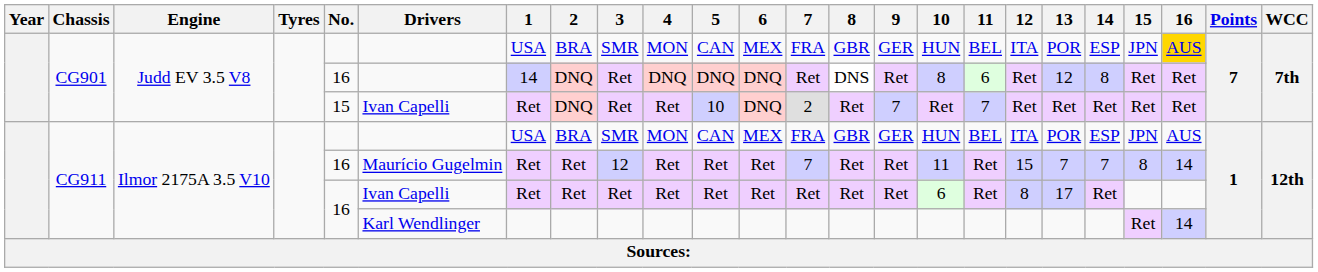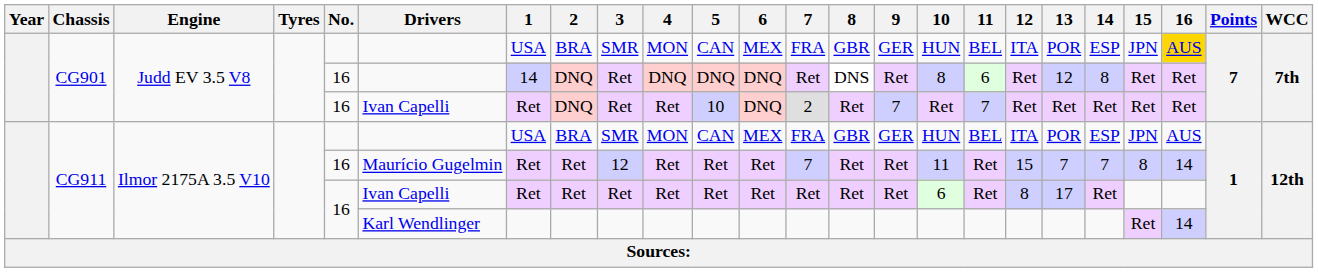 <table class="wikitable" style="text-align:center; font-size:85%">
 <tr>
 <th>Year</th>
 <th>Chassis</th>
 <th>Engine</th>
 <th>Tyres</th>
 <th>No.</th>
 <th>Drivers</th>
 <th>1</th>
 <th>2</th>
 <th>3</th>
 <th>4</th>
 <th>5</th>
 <th>6</th>
 <th>7</th>
 <th>8</th>
 <th>9</th>
 <th>10</th>
 <th>11</th>
 <th>12</th>
 <th>13</th>
 <th>14</th>
 <th>15</th>
 <th>16</th>
 <th><a href='#'>Points</a></th>
 <th>WCC</th>
 </tr>
 <tr>
 <th rowspan="3"></th>
 <td rowspan="3"><a href='#'>CG901</a></td>
 <td rowspan="3"><a href='#'>Judd</a> EV 3.5 <a href='#'>V8</a></td>
 <td rowspan="3"></td>
 <td></td>
 <td></td>
 <td><a href='#'>USA</a></td>
 <td><a href='#'>BRA</a></td>
 <td><a href='#'>SMR</a></td>
 <td><a href='#'>MON</a></td>
 <td><a href='#'>CAN</a></td>
 <td><a href='#'>MEX</a></td>
 <td><a href='#'>FRA</a></td>
 <td><a href='#'>GBR</a></td>
 <td><a href='#'>GER</a></td>
 <td><a href='#'>HUN</a></td>
 <td><a href='#'>BEL</a></td>
 <td><a href='#'>ITA</a></td>
 <td><a href='#'>POR</a></td>
 <td><a href='#'>ESP</a></td>
 <td><a href='#'>JPN</a></td>
 <td style="background: gold;"><a href='#'>AUS</a></td>
 <th rowspan="3">7</th>
 <th rowspan="3">7th</th>
 </tr>
 <tr>
 <td>16</td>
 <td align="left"></td>
 <td style="background:#CFCFFF;">14</td>
 <td style="background:#FFCFCF;">DNQ</td>
 <td style="background:#EFCFFF;">Ret</td>
 <td style="background:#FFCFCF;">DNQ</td>
 <td style="background:#FFCFCF;">DNQ</td>
 <td style="background:#FFCFCF;">DNQ</td>
 <td style="background:#EFCFFF;">Ret</td>
 <td style="background:#ffffff;">DNS</td>
 <td style="background:#EFCFFF;">Ret</td>
 <td style="background:#CFCFFF;">8</td>
 <td style="background:#DFFFDF;">6</td>
 <td style="background:#EFCFFF;">Ret</td>
 <td style="background:#CFCFFF;">12</td>
 <td style="background:#CFCFFF;">8</td>
 <td style="background:#EFCFFF;">Ret</td>
 <td style="background:#EFCFFF;">Ret</td>
 </tr>
 <tr>
-<td>15</td>
+<td>16</td>
 <td align="left"> <a href='#'>Ivan Capelli</a></td>
 <td style="background:#EFCFFF;">Ret</td>
 <td style="background:#FFCFCF;">DNQ</td>
 <td style="background:#EFCFFF;">Ret</td>
 <td style="background:#EFCFFF;">Ret</td>
 <td style="background:#CFCFFF;">10</td>
 <td style="background:#FFCFCF;">DNQ</td>
 <td style="background:#DFDFDF;">2</td>
 <td style="background:#EFCFFF;">Ret</td>
 <td style="background:#CFCFFF;">7</td>
 <td style="background:#EFCFFF;">Ret</td>
 <td style="background:#CFCFFF;">7</td>
 <td style="background:#EFCFFF;">Ret</td>
 <td style="background:#EFCFFF;">Ret</td>
 <td style="background:#EFCFFF;">Ret</td>
 <td style="background:#EFCFFF;">Ret</td>
 <td style="background:#EFCFFF;">Ret</td>
 </tr>
 <tr>
 <th rowspan="4"></th>
 <td rowspan="4"><a href='#'>CG911</a></td>
 <td rowspan="4"><a href='#'>Ilmor</a> 2175A 3.5 <a href='#'>V10</a></td>
 <td rowspan="4"></td>
 <td></td>
 <td></td>
 <td><a href='#'>USA</a></td>
 <td><a href='#'>BRA</a></td>
 <td><a href='#'>SMR</a></td>
 <td><a href='#'>MON</a></td>
 <td><a href='#'>CAN</a></td>
 <td><a href='#'>MEX</a></td>
 <td><a href='#'>FRA</a></td>
 <td><a href='#'>GBR</a></td>
 <td><a href='#'>GER</a></td>
 <td><a href='#'>HUN</a></td>
 <td><a href='#'>BEL</a></td>
 <td><a href='#'>ITA</a></td>
 <td><a href='#'>POR</a></td>
 <td><a href='#'>ESP</a></td>
 <td><a href='#'>JPN</a></td>
 <td><a href='#'>AUS</a></td>
 <th rowspan="4">1</th>
 <th rowspan="4">12th</th>
 </tr>
 <tr>
 <td>16</td>
 <td align="left"> <a href='#'>Maurício Gugelmin</a></td>
 <td style="background:#EFCFFF;">Ret</td>
 <td style="background:#EFCFFF;">Ret</td>
 <td style="background:#CFCFFF;">12</td>
 <td style="background:#EFCFFF;">Ret</td>
 <td style="background:#EFCFFF;">Ret</td>
 <td style="background:#EFCFFF;">Ret</td>
 <td style="background:#CFCFFF;">7</td>
 <td style="background:#EFCFFF;">Ret</td>
 <td style="background:#EFCFFF;">Ret</td>
 <td style="background:#CFCFFF;">11</td>
 <td style="background:#EFCFFF;">Ret</td>
 <td style="background:#CFCFFF;">15</td>
 <td style="background:#CFCFFF;">7</td>
 <td style="background:#CFCFFF;">7</td>
 <td style="background:#CFCFFF;">8</td>
 <td style="background:#CFCFFF;">14</td>
 </tr>
 <tr>
 <td rowspan="2">16</td>
 <td align="left"> <a href='#'>Ivan Capelli</a></td>
 <td style="background:#EFCFFF;">Ret</td>
 <td style="background:#EFCFFF;">Ret</td>
 <td style="background:#EFCFFF;">Ret</td>
 <td style="background:#EFCFFF;">Ret</td>
 <td style="background:#EFCFFF;">Ret</td>
 <td style="background:#EFCFFF;">Ret</td>
 <td style="background:#EFCFFF;">Ret</td>
 <td style="background:#EFCFFF;">Ret</td>
 <td style="background:#EFCFFF;">Ret</td>
 <td style="background:#DFFFDF;">6</td>
 <td style="background:#EFCFFF;">Ret</td>
 <td style="background:#CFCFFF;">8</td>
 <td style="background:#CFCFFF;">17</td>
 <td style="background:#EFCFFF;">Ret</td>
 <td></td>
 <td></td>
 </tr>
 <tr>
 <td align="left"> <a href='#'>Karl Wendlinger</a></td>
 <td></td>
 <td></td>
 <td></td>
 <td></td>
 <td></td>
 <td></td>
 <td></td>
 <td></td>
 <td></td>
 <td></td>
 <td></td>
 <td></td>
 <td></td>
 <td></td>
 <td style="background:#EFCFFF;">Ret</td>
 <td style="background:#CFCFFF;">14</td>
 </tr>
 <tr>
 <th colspan="24">Sources:</th>
 </tr>
 </table>
